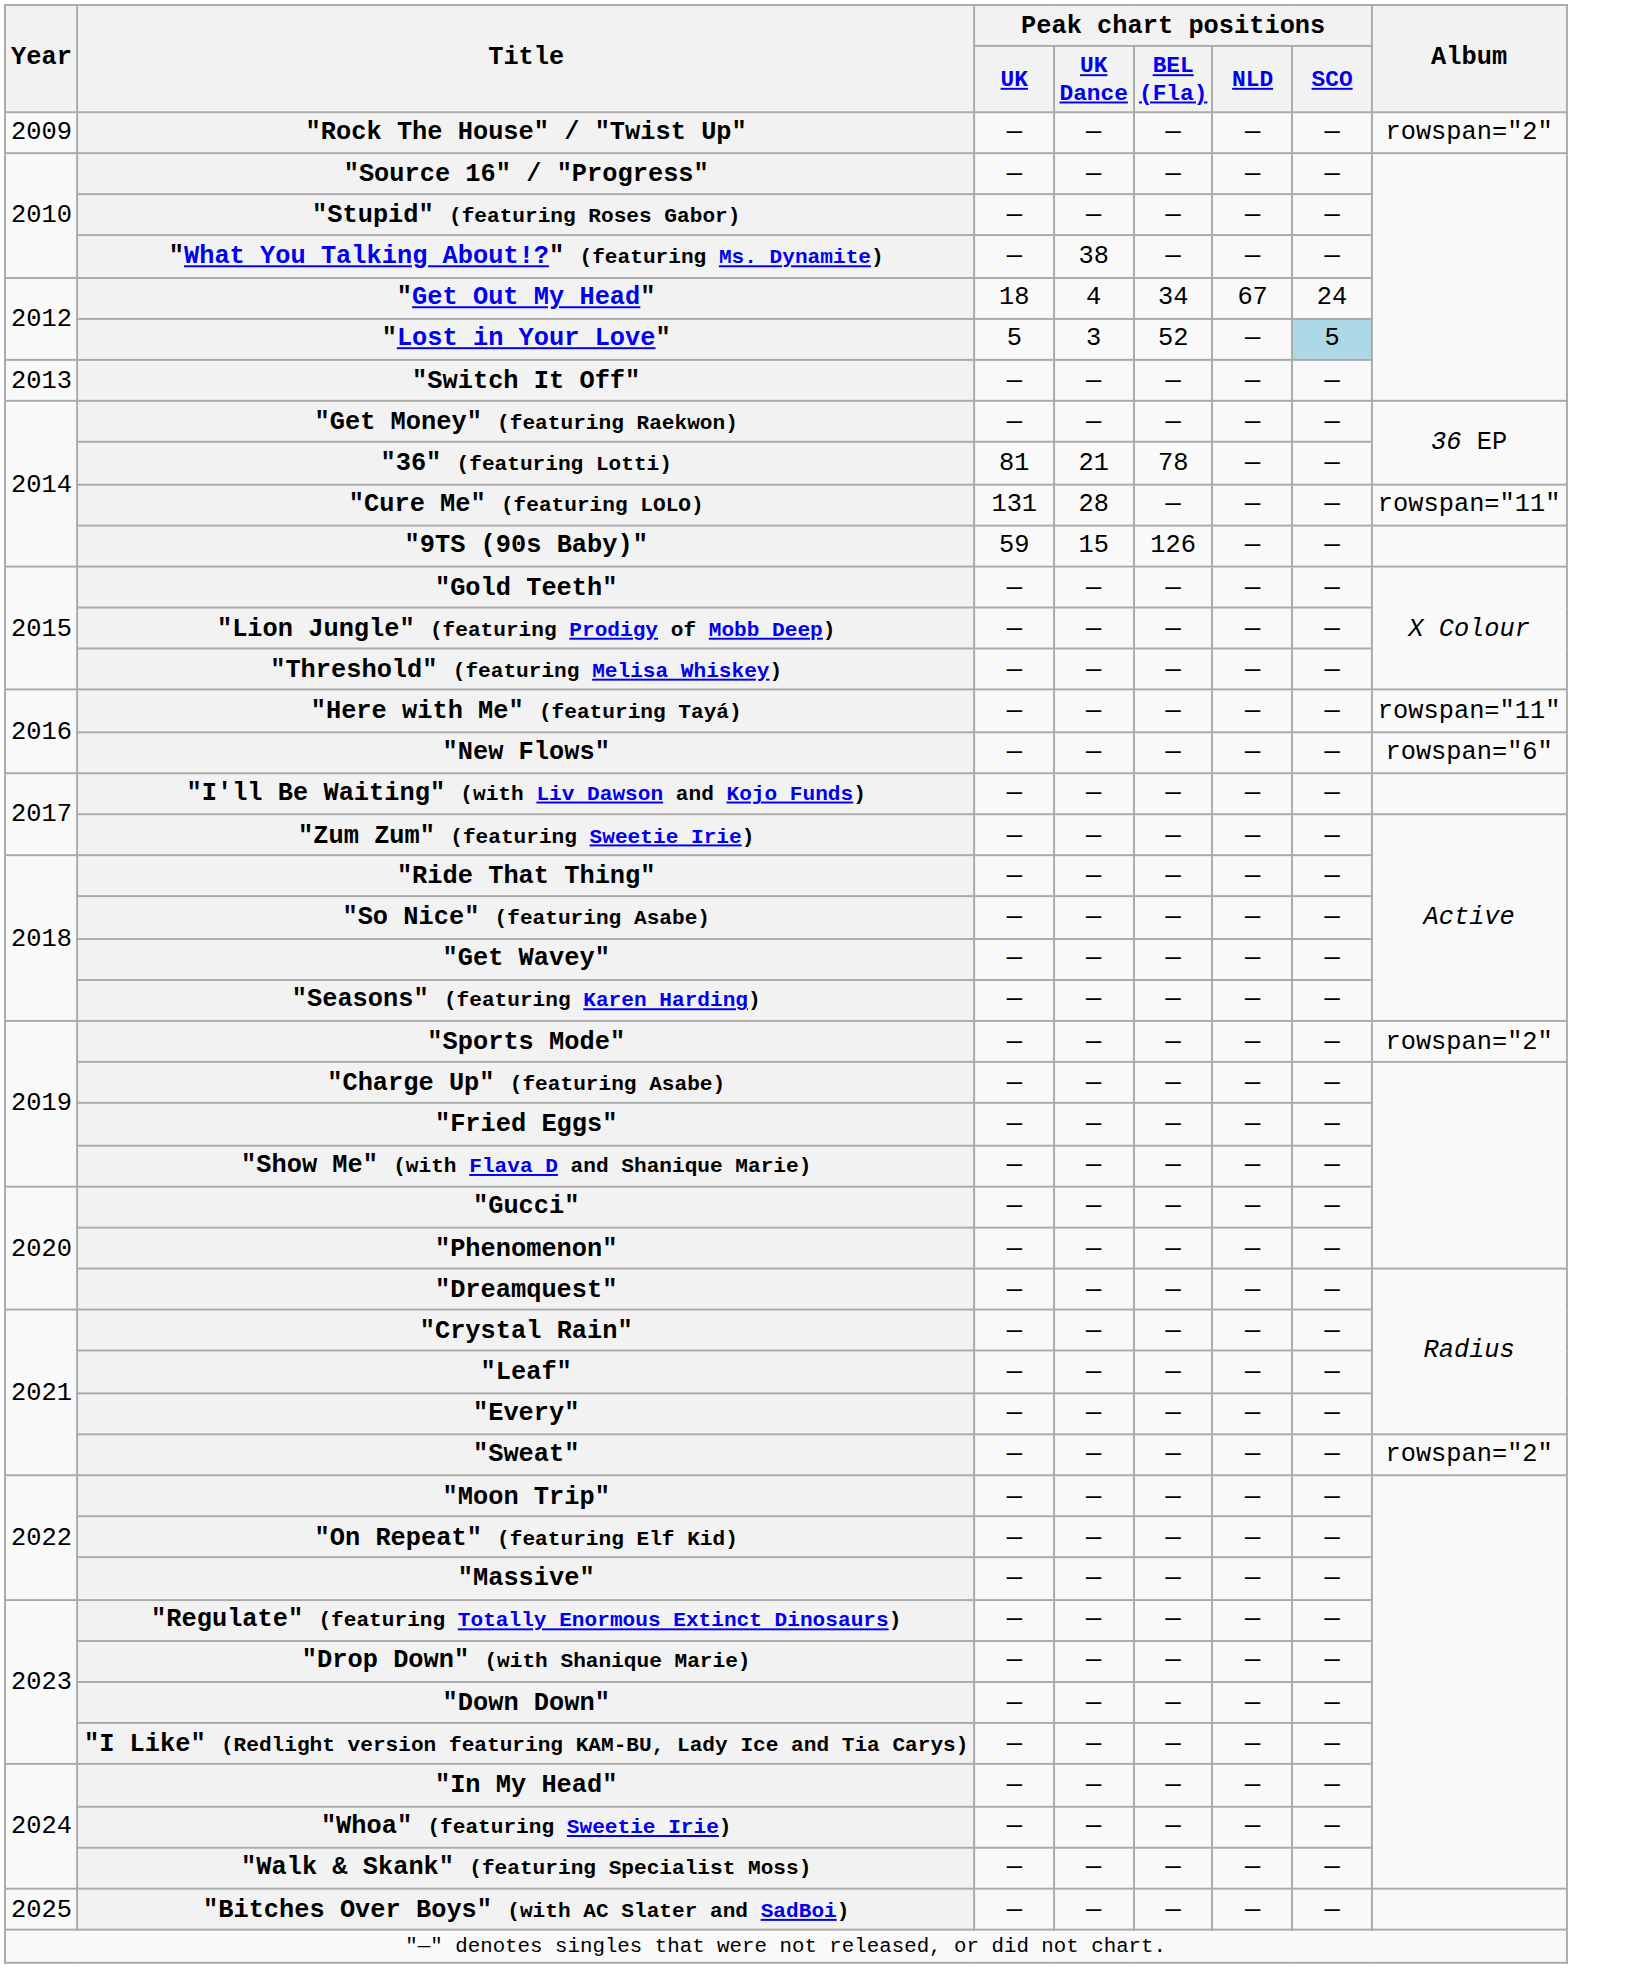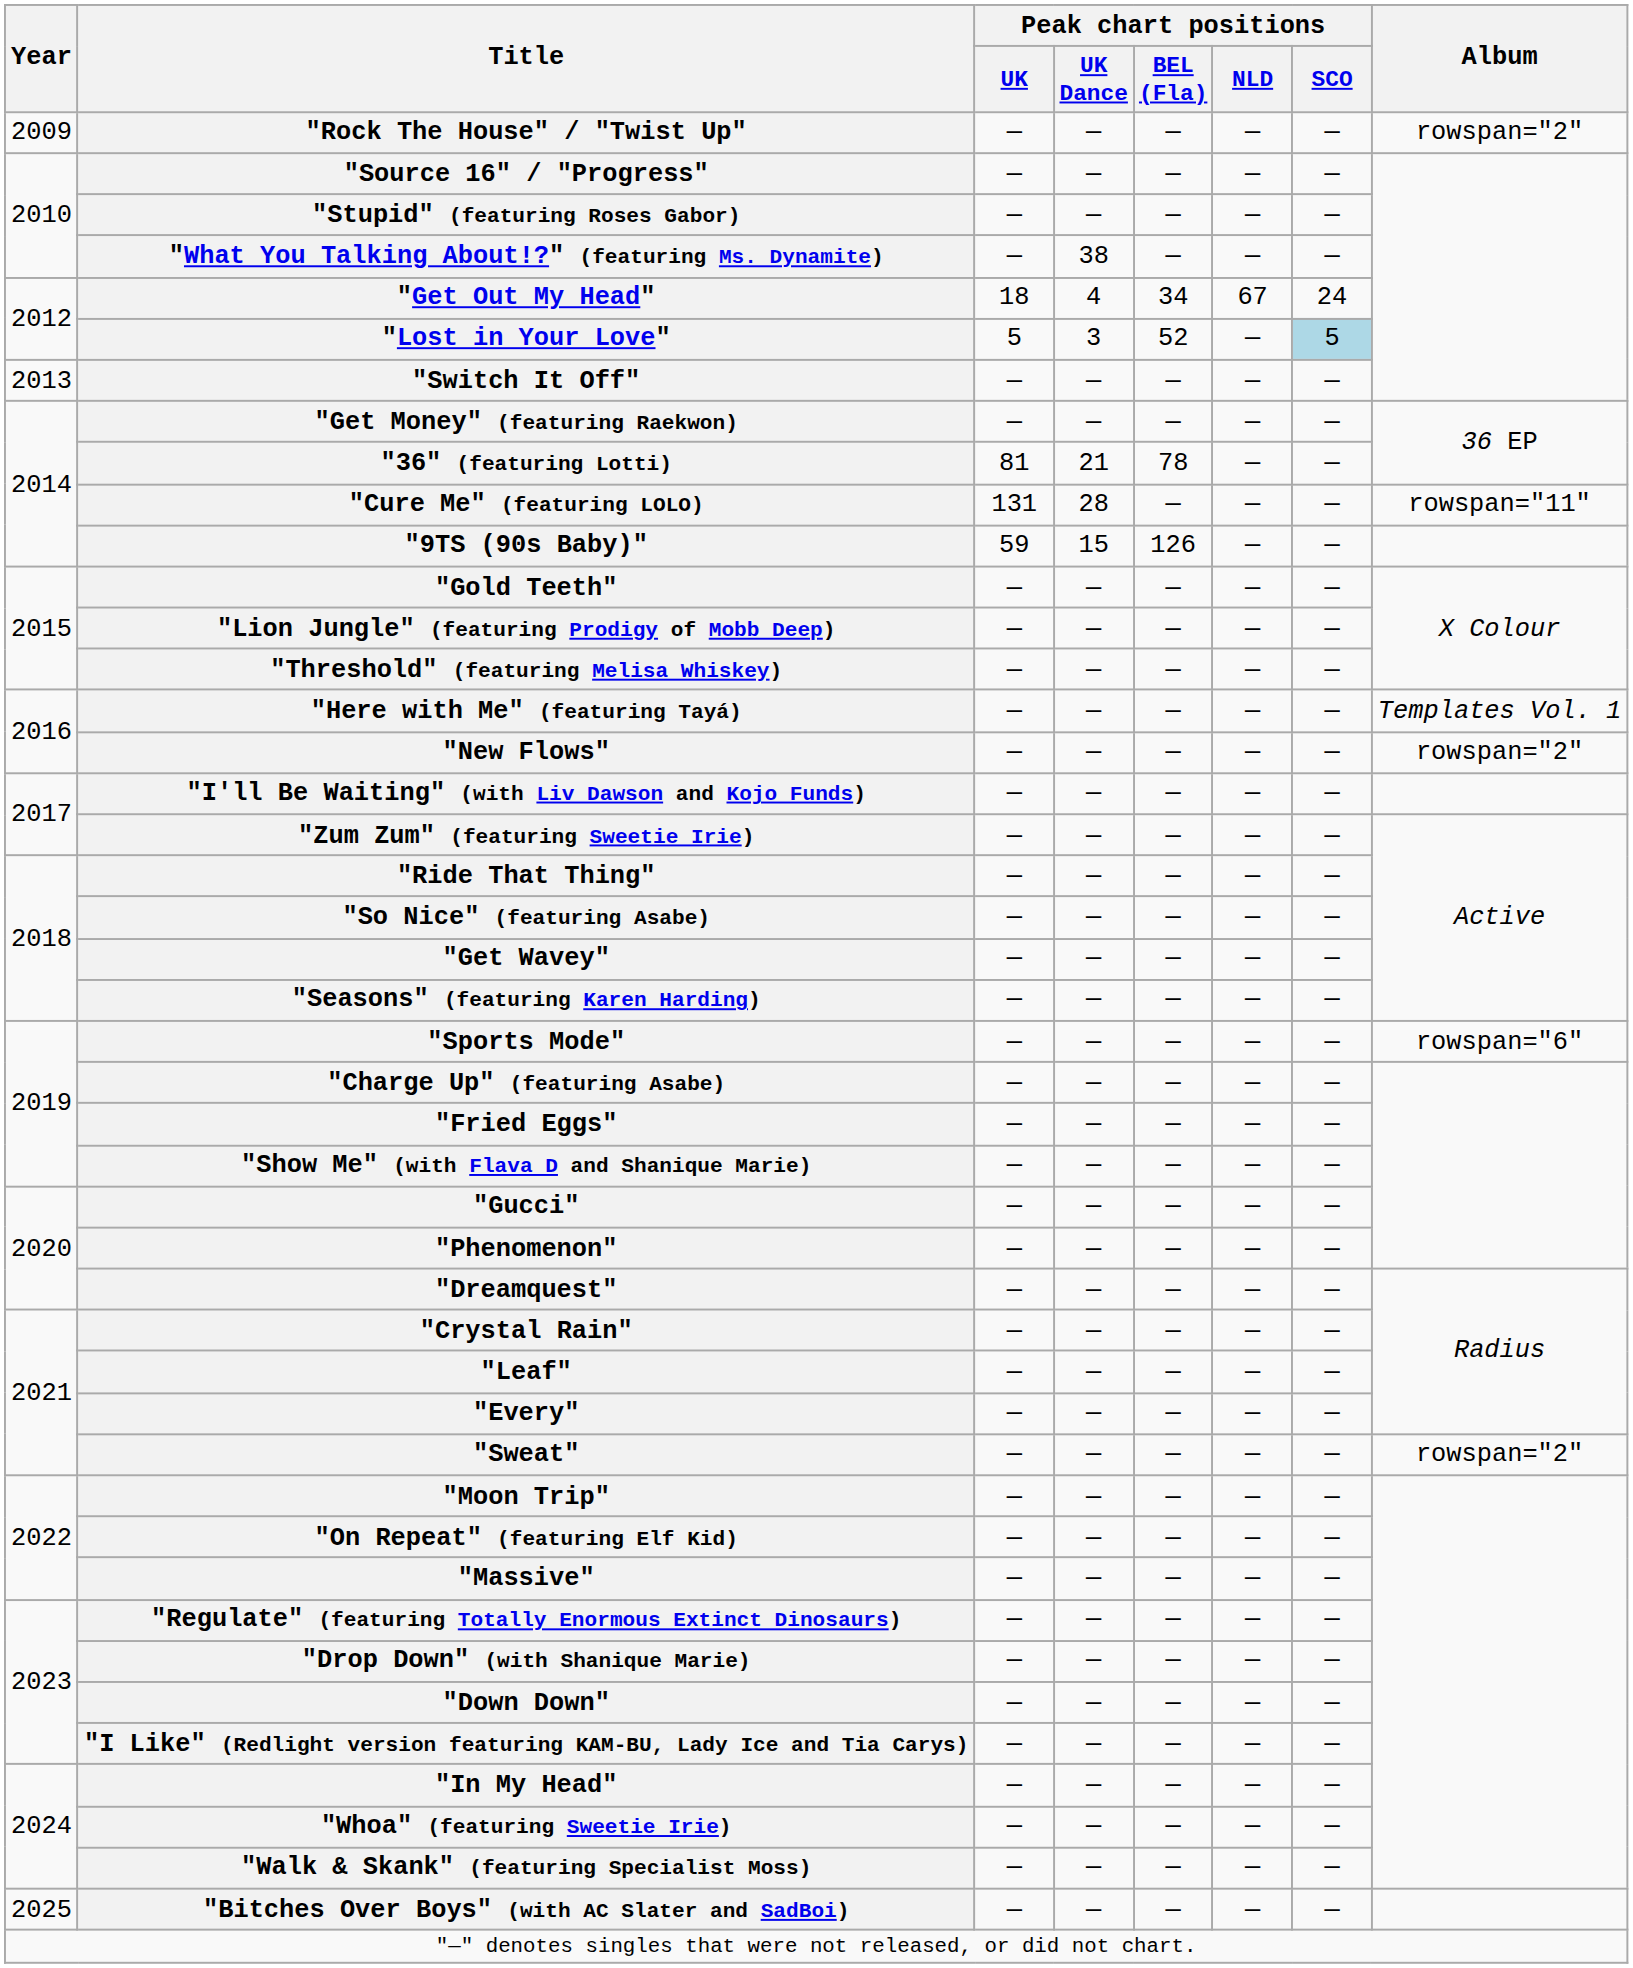 <table class="wikitable plainrowheaders" style="text-align:center;" border="1">
 <tr>
 <th scope="col" rowspan="2">Year</th>
 <th scope="col" rowspan="2">Title</th>
 <th scope="col" colspan="5">Peak chart positions</th>
 <th scope="col" rowspan="2">Album</th>
 </tr>
 <tr>
 <th scope="col" style="width:3em;font-size:90%;"><a href='#'>UK</a> <br></th>
 <th scope="col" style="width:3em;font-size:90%;"><a href='#'>UK Dance</a><br></th>
 <th scope="col" style="width:3em;font-size:90%;"><a href='#'>BEL (Fla)</a><br></th>
 <th scope="col" style="width:3em;font-size:90%;"><a href='#'>NLD</a><br></th>
 <th scope="col" style="width:3em;font-size:90%;"><a href='#'>SCO</a><br></th>
 </tr>
 <tr>
 <td>2009</td>
 <th scope="row">"Rock The House" / "Twist Up"</th>
 <td>—</td>
 <td>—</td>
 <td>—</td>
 <td>—</td>
 <td>—</td>
 <td>rowspan="2" </td>
 </tr>
 <tr>
 <td rowspan="3">2010</td>
 <th scope="row">"Source 16" / "Progress"</th>
 <td>—</td>
 <td>—</td>
 <td>—</td>
 <td>—</td>
 <td>—</td>
 </tr>
 <tr>
 <th scope="row">"Stupid" <small>(featuring Roses Gabor)</small></th>
 <td>—</td>
 <td>—</td>
 <td>—</td>
 <td>—</td>
 <td>—</td>
 </tr>
 <tr>
 <th scope="row">"<a href='#'>What You Talking About!?</a>" <small>(featuring <a href='#'>Ms. Dynamite</a>)</small></th>
 <td>—</td>
 <td>38</td>
 <td>—</td>
 <td>—</td>
 <td>—</td>
 </tr>
 <tr>
 <td rowspan="2">2012</td>
 <th scope="row">"<a href='#'>Get Out My Head</a>"</th>
 <td>18</td>
 <td>4</td>
 <td>34</td>
 <td>67</td>
 <td>24</td>
 </tr>
 <tr>
 <th scope="row">"<a href='#'>Lost in Your Love</a>"</th>
 <td>5</td>
 <td>3</td>
 <td>52</td>
 <td>—</td>
 <td style="background: lightblue;">5</td>
 </tr>
 <tr>
 <td>2013</td>
 <th scope="row">"Switch It Off"</th>
 <td>—</td>
 <td>—</td>
 <td>—</td>
 <td>—</td>
 <td>—</td>
 </tr>
 <tr>
 <td rowspan="4">2014</td>
 <th scope="row">"Get Money" <small>(featuring Raekwon)</small></th>
 <td>—</td>
 <td>—</td>
 <td>—</td>
 <td>—</td>
 <td>—</td>
 <td rowspan="2"><em>36</em> EP</td>
 </tr>
 <tr>
 <th scope="row">"36" <small>(featuring Lotti)</small></th>
 <td>81</td>
 <td>21</td>
 <td>78</td>
 <td>—</td>
 <td>—</td>
 </tr>
 <tr>
 <th scope="row">"Cure Me" <small>(featuring LOLO)</small></th>
 <td>131</td>
 <td>28</td>
 <td>—</td>
 <td>—</td>
 <td>—</td>
 <td>rowspan="11" </td>
 </tr>
 <tr>
 <th scope="row">"9TS (90s Baby)"</th>
 <td>59</td>
 <td>15</td>
 <td>126</td>
 <td>—</td>
 <td>—</td>
 </tr>
 <tr>
 <td rowspan="3">2015</td>
 <th scope="row">"Gold Teeth"</th>
 <td>—</td>
 <td>—</td>
 <td>—</td>
 <td>—</td>
 <td>—</td>
 <td rowspan="3"><em>X Colour</em></td>
 </tr>
 <tr>
 <th scope="row">"Lion Jungle" <small>(featuring <a href='#'>Prodigy</a> of <a href='#'>Mobb Deep</a>)</small></th>
 <td>—</td>
 <td>—</td>
 <td>—</td>
 <td>—</td>
 <td>—</td>
 </tr>
 <tr>
 <th scope="row">"Threshold" <small>(featuring <a href='#'>Melisa Whiskey</a>)</small></th>
 <td>—</td>
 <td>—</td>
 <td>—</td>
 <td>—</td>
 <td>—</td>
 </tr>
 <tr>
 <td rowspan="2">2016</td>
 <th scope="row">"Here with Me" <small>(featuring Tayá)</small></th>
 <td>—</td>
 <td>—</td>
 <td>—</td>
 <td>—</td>
 <td>—</td>
-<td>rowspan="11" </td>
+<td><em>Templates Vol. 1</em></td>
 </tr>
 <tr>
 <th scope="row">"New Flows"</th>
 <td>—</td>
 <td>—</td>
 <td>—</td>
 <td>—</td>
 <td>—</td>
-<td>rowspan="6" </td>
+<td>rowspan="2" </td>
 </tr>
 <tr>
 <td rowspan="2">2017</td>
 <th scope="row">"I'll Be Waiting" <small>(with <a href='#'>Liv Dawson</a> and <a href='#'>Kojo Funds</a>)</small></th>
 <td>—</td>
 <td>—</td>
 <td>—</td>
 <td>—</td>
 <td>—</td>
 </tr>
 <tr>
 <th scope="row">"Zum Zum" <small>(featuring <a href='#'>Sweetie Irie</a>)</small></th>
 <td>—</td>
 <td>—</td>
 <td>—</td>
 <td>—</td>
 <td>—</td>
 <td rowspan="5"><em>Active</em></td>
 </tr>
 <tr>
 <td rowspan="4">2018</td>
 <th scope="row">"Ride That Thing"</th>
 <td>—</td>
 <td>—</td>
 <td>—</td>
 <td>—</td>
 <td>—</td>
 </tr>
 <tr>
 <th scope="row">"So Nice" <small>(featuring Asabe)</small></th>
 <td>—</td>
 <td>—</td>
 <td>—</td>
 <td>—</td>
 <td>—</td>
 </tr>
 <tr>
 <th scope="row">"Get Wavey"</th>
 <td>—</td>
 <td>—</td>
 <td>—</td>
 <td>—</td>
 <td>—</td>
 </tr>
 <tr>
 <th scope="row">"Seasons" <small>(featuring <a href='#'>Karen Harding</a>)</small></th>
 <td>—</td>
 <td>—</td>
 <td>—</td>
 <td>—</td>
 <td>—</td>
 </tr>
 <tr>
 <td rowspan="4">2019</td>
 <th scope="row">"Sports Mode"</th>
 <td>—</td>
 <td>—</td>
 <td>—</td>
 <td>—</td>
 <td>—</td>
-<td>rowspan="2" </td>
+<td>rowspan="6" </td>
 </tr>
 <tr>
 <th scope="row">"Charge Up" <small>(featuring Asabe)</small></th>
 <td>—</td>
 <td>—</td>
 <td>—</td>
 <td>—</td>
 <td>—</td>
 </tr>
 <tr>
 <th scope="row">"Fried Eggs"</th>
 <td>—</td>
 <td>—</td>
 <td>—</td>
 <td>—</td>
 <td>—</td>
 </tr>
 <tr>
 <th scope="row">"Show Me" <small>(with <a href='#'>Flava D</a> and Shanique Marie)</small></th>
 <td>—</td>
 <td>—</td>
 <td>—</td>
 <td>—</td>
 <td>—</td>
 </tr>
 <tr>
 <td rowspan="3">2020</td>
 <th scope="row">"Gucci"</th>
 <td>—</td>
 <td>—</td>
 <td>—</td>
 <td>—</td>
 <td>—</td>
 </tr>
 <tr>
 <th scope="row">"Phenomenon"</th>
 <td>—</td>
 <td>—</td>
 <td>—</td>
 <td>—</td>
 <td>—</td>
 </tr>
 <tr>
 <th scope="row">"Dreamquest"</th>
 <td>—</td>
 <td>—</td>
 <td>—</td>
 <td>—</td>
 <td>—</td>
 <td rowspan="4"><em>Radius</em></td>
 </tr>
 <tr>
 <td rowspan="4">2021</td>
 <th scope="row">"Crystal Rain"</th>
 <td>—</td>
 <td>—</td>
 <td>—</td>
 <td>—</td>
 <td>—</td>
 </tr>
 <tr>
 <th scope="row">"Leaf"</th>
 <td>—</td>
 <td>—</td>
 <td>—</td>
 <td>—</td>
 <td>—</td>
 </tr>
 <tr>
 <th scope="row">"Every"</th>
 <td>—</td>
 <td>—</td>
 <td>—</td>
 <td>—</td>
 <td>—</td>
 </tr>
 <tr>
 <th scope="row">"Sweat"</th>
 <td>—</td>
 <td>—</td>
 <td>—</td>
 <td>—</td>
 <td>—</td>
 <td>rowspan="2" </td>
 </tr>
 <tr>
 <td rowspan="3">2022</td>
 <th scope="row">"Moon Trip"</th>
 <td>—</td>
 <td>—</td>
 <td>—</td>
 <td>—</td>
 <td>—</td>
 </tr>
 <tr>
 <th scope="row">"On Repeat" <small>(featuring Elf Kid)</small></th>
 <td>—</td>
 <td>—</td>
 <td>—</td>
 <td>—</td>
 <td>—</td>
 </tr>
 <tr>
 <th scope="row">"Massive"</th>
 <td>—</td>
 <td>—</td>
 <td>—</td>
 <td>—</td>
 <td>—</td>
 </tr>
 <tr>
 <td rowspan="4">2023</td>
 <th scope="row">"Regulate" <small>(featuring <a href='#'>Totally Enormous Extinct Dinosaurs</a>)</small></th>
 <td>—</td>
 <td>—</td>
 <td>—</td>
 <td>—</td>
 <td>—</td>
 </tr>
 <tr>
 <th scope="row">"Drop Down" <small>(with Shanique Marie)</small></th>
 <td>—</td>
 <td>—</td>
 <td>—</td>
 <td>—</td>
 <td>—</td>
 </tr>
 <tr>
 <th scope="row">"Down Down"</th>
 <td>—</td>
 <td>—</td>
 <td>—</td>
 <td>—</td>
 <td>—</td>
 </tr>
 <tr>
 <th scope="row">"I Like" <small>(Redlight version featuring KAM-BU, Lady Ice and Tia Carys)</small></th>
 <td>—</td>
 <td>—</td>
 <td>—</td>
 <td>—</td>
 <td>—</td>
 </tr>
 <tr>
 <td rowspan="3">2024</td>
 <th scope="row">"In My Head"</th>
 <td>—</td>
 <td>—</td>
 <td>—</td>
 <td>—</td>
 <td>—</td>
 </tr>
 <tr>
 <th scope="row">"Whoa" <small>(featuring <a href='#'>Sweetie Irie</a>)</small></th>
 <td>—</td>
 <td>—</td>
 <td>—</td>
 <td>—</td>
 <td>—</td>
 </tr>
 <tr>
 <th scope="row">"Walk & Skank" <small>(featuring Specialist Moss)</small></th>
 <td>—</td>
 <td>—</td>
 <td>—</td>
 <td>—</td>
 <td>—</td>
 </tr>
 <tr>
 <td>2025</td>
 <th scope="row">"Bitches Over Boys" <small>(with AC Slater and <a href='#'>SadBoi</a>)</small></th>
 <td>—</td>
 <td>—</td>
 <td>—</td>
 <td>—</td>
 <td>—</td>
 <td></td>
 </tr>
 <tr>
 <td colspan="8" style="font-size:8pt">"—" denotes singles that were not released, or did not chart.</td>
 </tr>
 </table>
